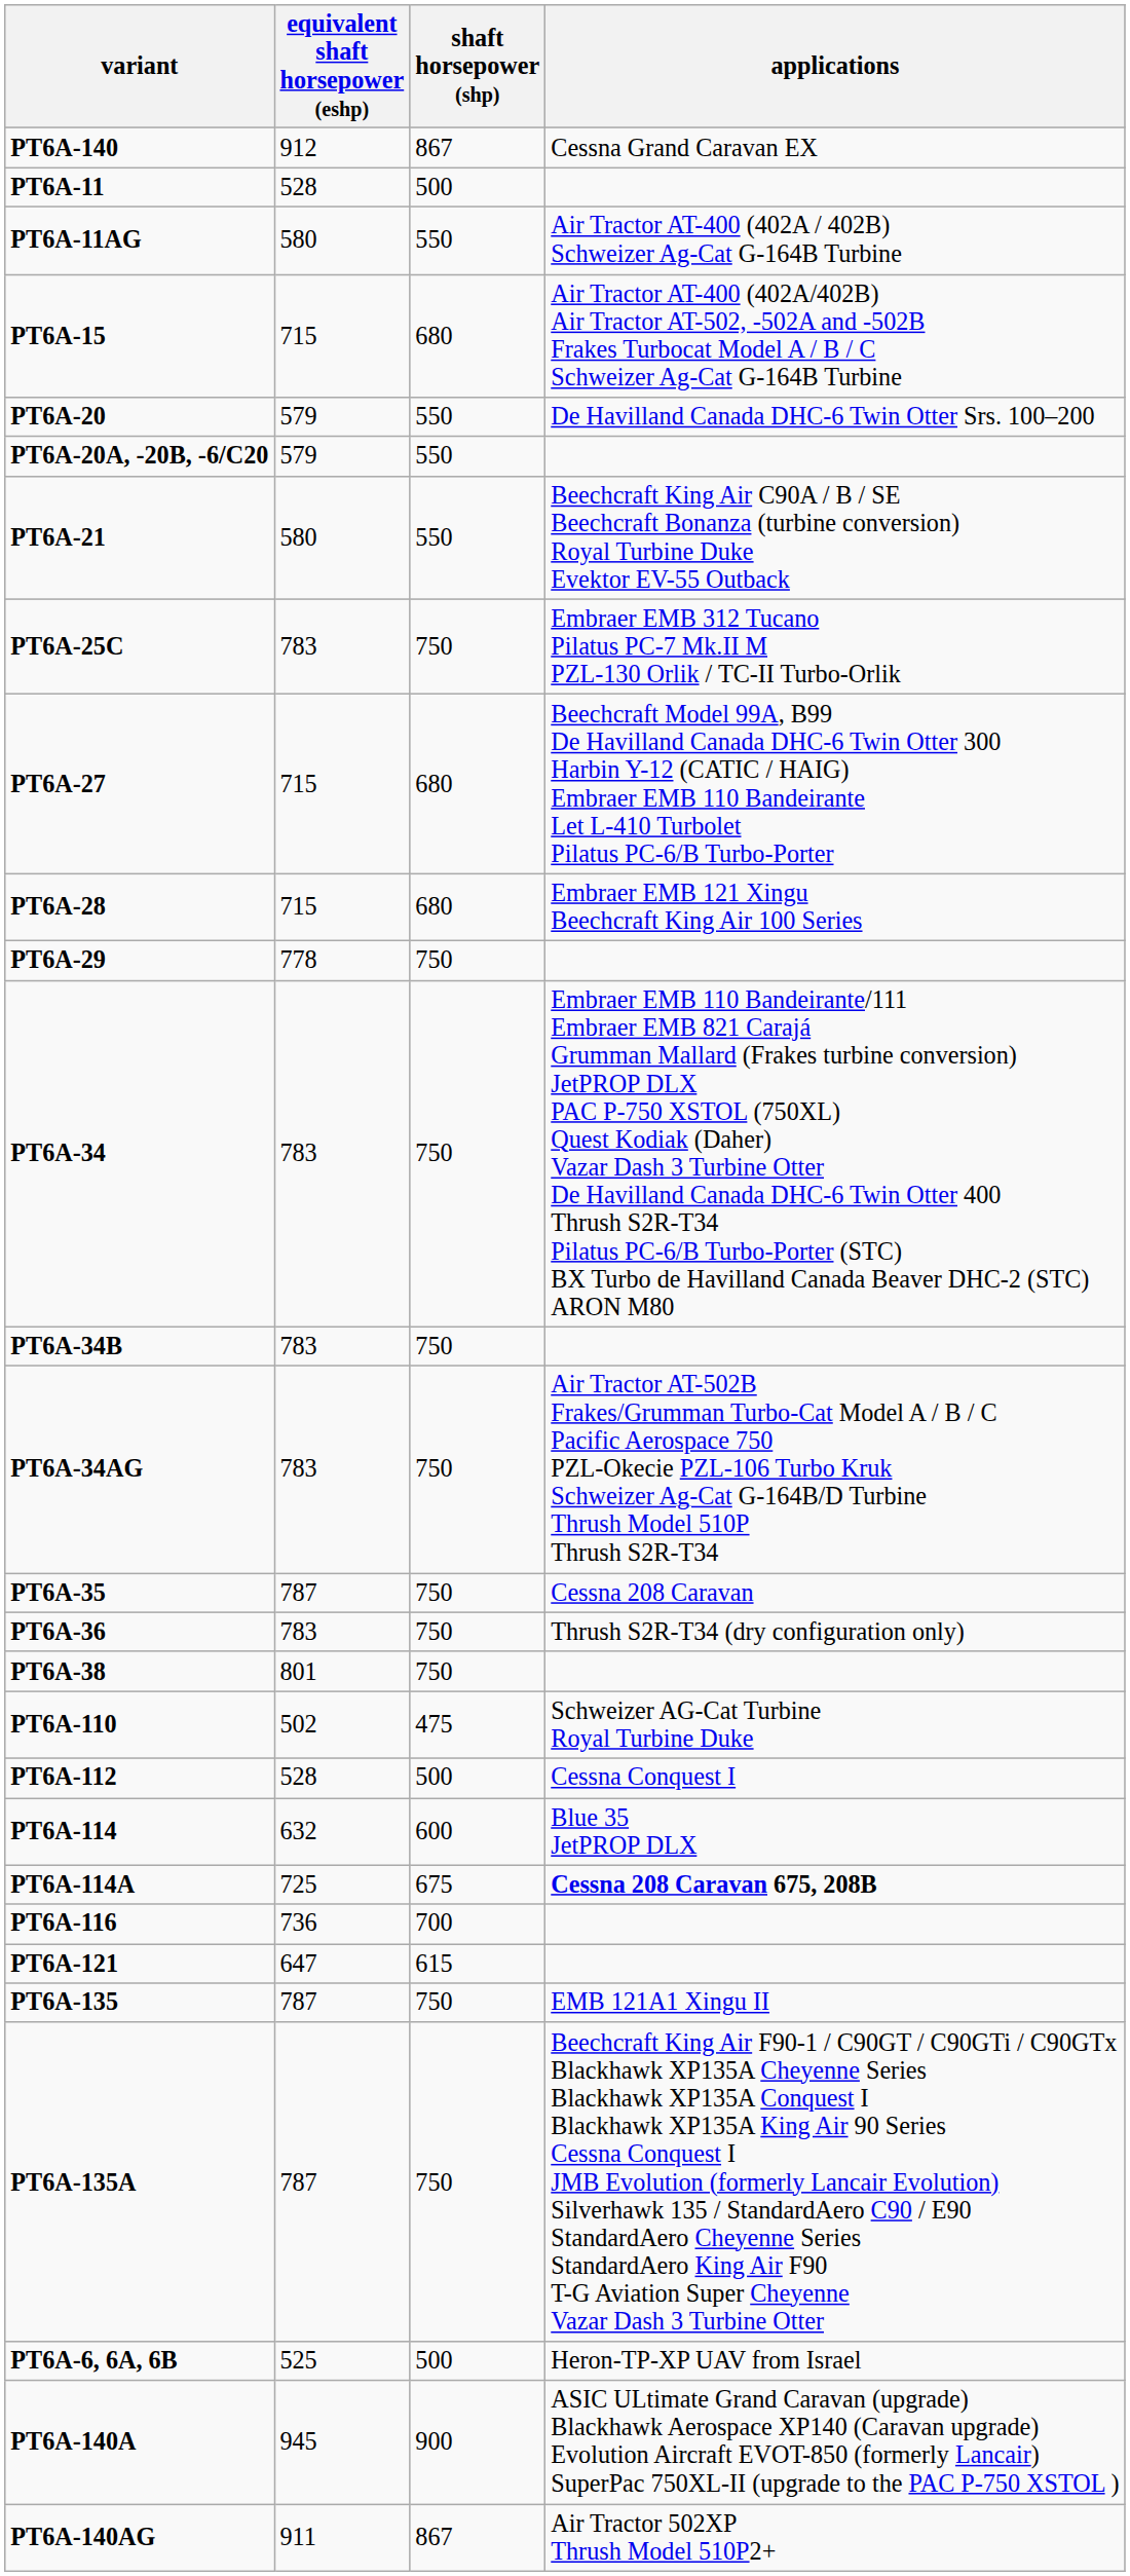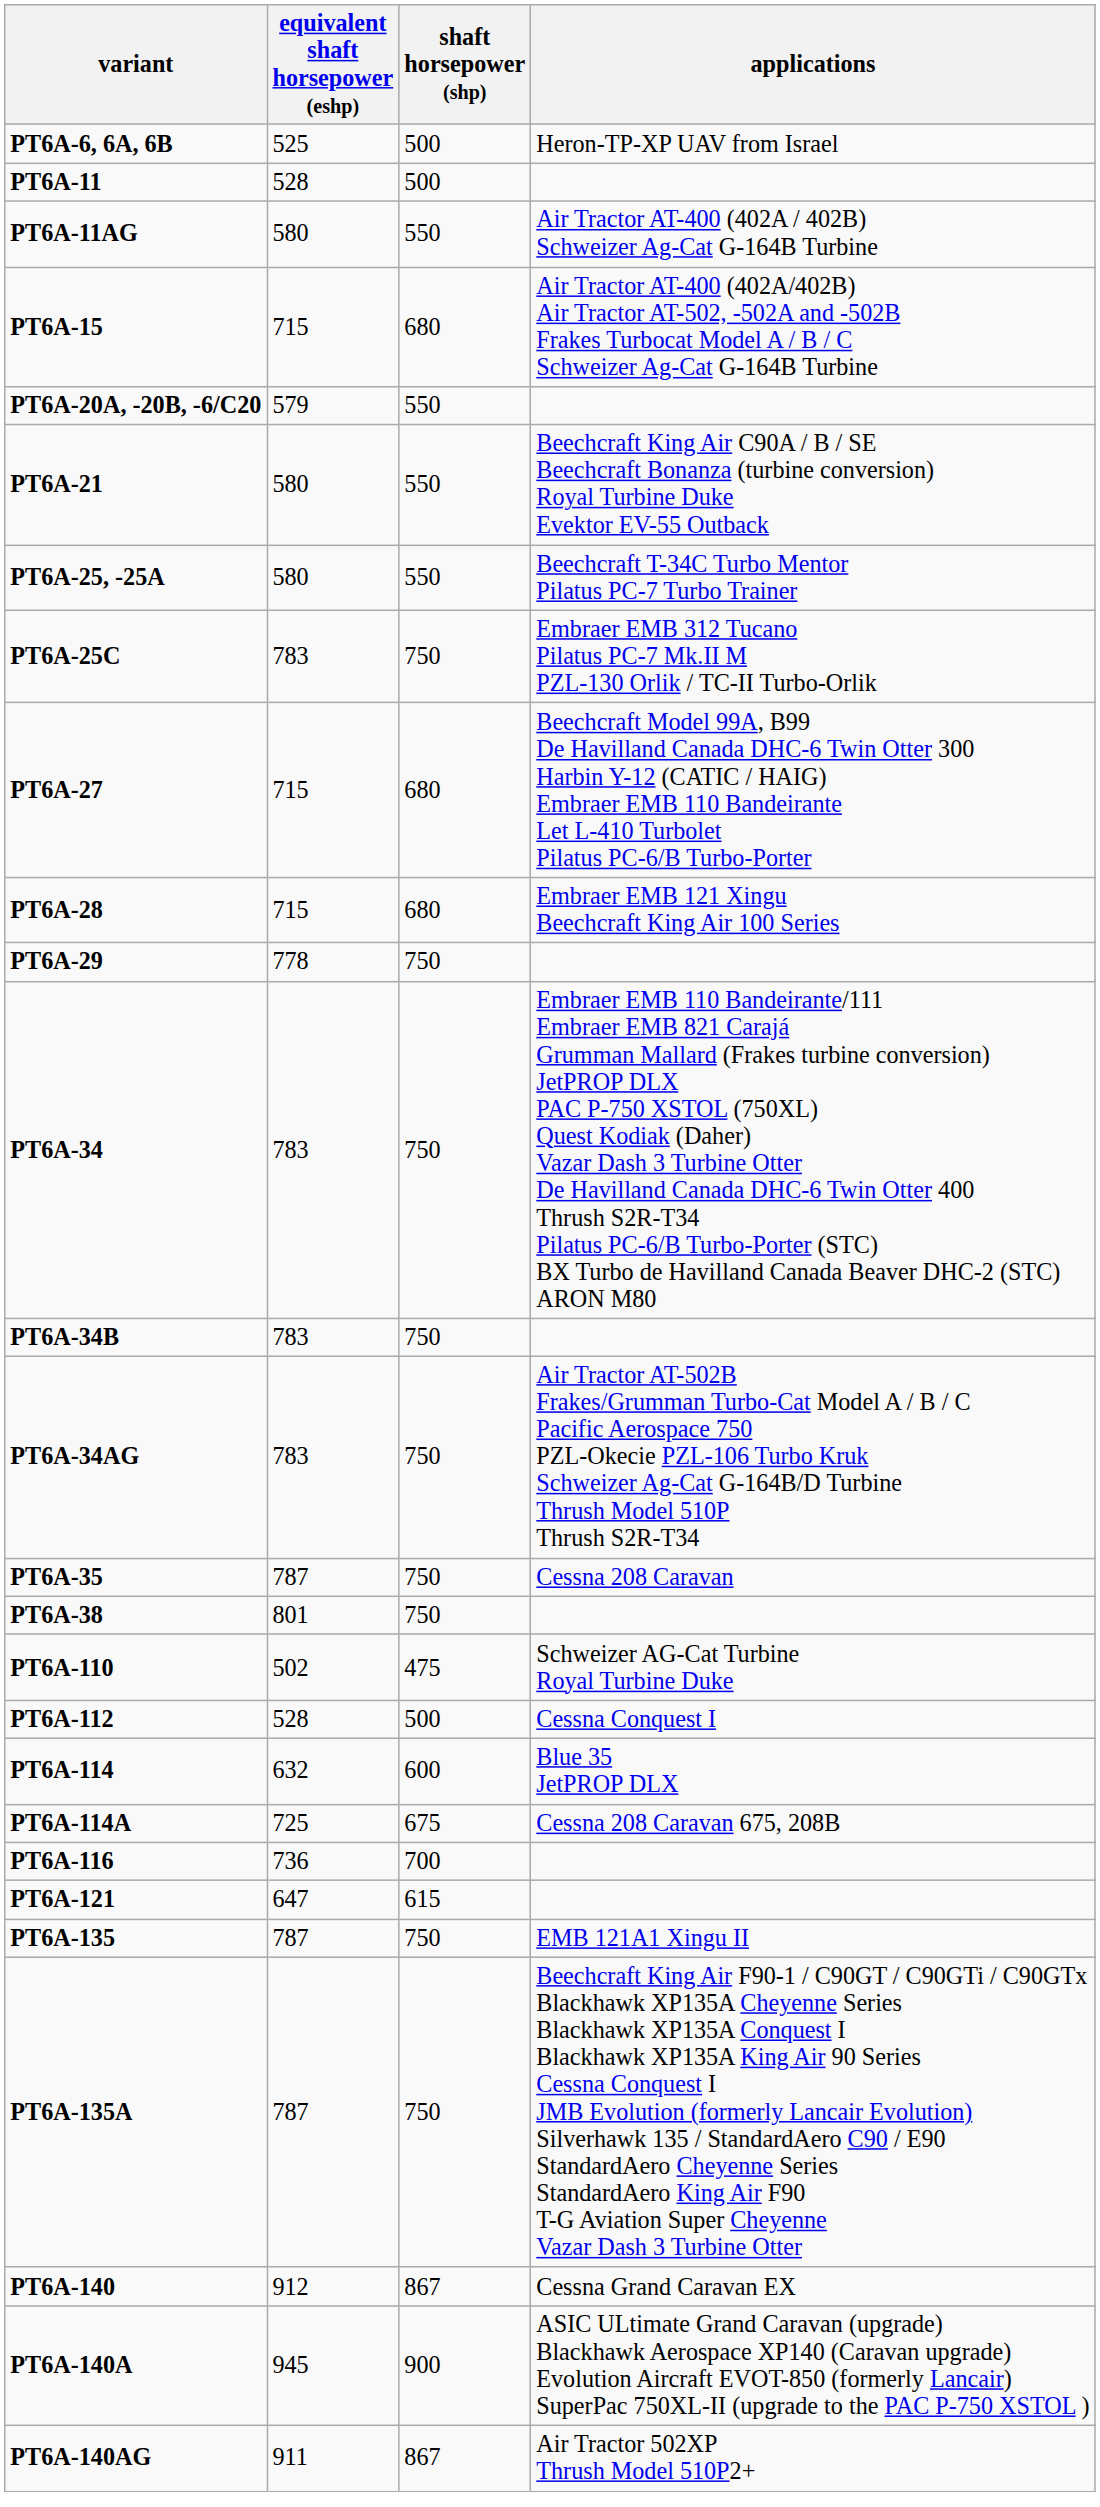 <table class="wikitable sortable" style=v-align:top>
 <tr>
 <th>variant</th>
 <th><a href='#'>equivalent<br>shaft<br>horsepower</a><br><small>(eshp)</small></th>
 <th>shaft<br>horsepower<br><small>(shp)</small></th>
 <th>applications</th>
 </tr>
 <tr>
-<td><strong>PT6A-140</strong></td>
-<td>912</td>
-<td>867</td>
-<td>Cessna Grand Caravan EX</td>
+<td><strong>PT6A-6, 6A, 6B</strong></td>
+<td>525</td>
+<td>500</td>
+<td>Heron-TP-XP UAV from Israel</td>
 </tr>
 <tr>
 <td><strong>PT6A-11</strong></td>
 <td>528</td>
 <td>500</td>
 <td></td>
 </tr>
 <tr>
 <td><strong>PT6A-11AG</strong></td>
 <td>580</td>
 <td>550</td>
 <td><a href='#'>Air Tractor AT-400</a> (402A / 402B)<br><a href='#'>Schweizer Ag-Cat</a> G-164B Turbine</td>
 </tr>
 <tr>
 <td><strong>PT6A-15</strong></td>
 <td>715</td>
 <td>680</td>
 <td><a href='#'>Air Tractor AT-400</a> (402A/402B)<br><a href='#'>Air Tractor AT-502, -502A and -502B</a><br><a href='#'>Frakes Turbocat Model A / B / C</a><br><a href='#'>Schweizer Ag-Cat</a> G-164B Turbine</td>
 </tr>
 <tr>
-<td><strong>PT6A-20</strong></td>
-<td>579</td>
-<td>550</td>
-<td><a href='#'>De Havilland Canada DHC-6 Twin Otter</a> Srs. 100–200</td>
-</tr>
-<tr>
 <td><strong>PT6A-20A, -20B, -6/C20</strong></td>
 <td>579</td>
 <td>550</td>
 <td></td>
 </tr>
 <tr>
 <td><strong>PT6A-21</strong></td>
 <td>580</td>
 <td>550</td>
 <td><a href='#'>Beechcraft King Air</a> C90A / B / SE<br><a href='#'>Beechcraft Bonanza</a> (turbine conversion)<br><a href='#'>Royal Turbine Duke</a><br><a href='#'>Evektor EV-55 Outback</a></td>
+</tr>
+<tr>
+<td><strong>PT6A-25, -25A</strong></td>
+<td>580</td>
+<td>550</td>
+<td><a href='#'>Beechcraft T-34C Turbo Mentor</a><br><a href='#'>Pilatus PC-7 Turbo Trainer</a></td>
 </tr>
 <tr>
 <td><strong>PT6A-25C</strong></td>
 <td>783</td>
 <td>750</td>
 <td><a href='#'>Embraer EMB 312 Tucano</a><br><a href='#'>Pilatus PC-7 Mk.II M</a><br><a href='#'>PZL-130 Orlik</a> / TC-II Turbo-Orlik</td>
 </tr>
 <tr>
 <td><strong>PT6A-27</strong></td>
 <td>715</td>
 <td>680</td>
 <td><a href='#'>Beechcraft Model 99A</a>, B99<br><a href='#'>De Havilland Canada DHC-6 Twin Otter</a> 300<br><a href='#'>Harbin Y-12</a> (CATIC / HAIG)<br><a href='#'>Embraer EMB 110 Bandeirante</a><br><a href='#'>Let L-410 Turbolet</a><br><a href='#'>Pilatus PC-6/B Turbo-Porter</a></td>
 </tr>
 <tr>
 <td><strong>PT6A-28</strong></td>
 <td>715</td>
 <td>680</td>
 <td><a href='#'>Embraer EMB 121 Xingu</a><br><a href='#'>Beechcraft King Air 100 Series</a></td>
 </tr>
 <tr>
 <td><strong>PT6A-29</strong></td>
 <td>778</td>
 <td>750</td>
 <td></td>
 </tr>
 <tr>
 <td><strong>PT6A-34</strong></td>
 <td>783</td>
 <td>750</td>
 <td><a href='#'>Embraer EMB 110 Bandeirante</a>/111<br><a href='#'>Embraer EMB 821 Carajá</a><br><a href='#'>Grumman Mallard</a> (Frakes turbine conversion)<br><a href='#'>JetPROP DLX</a><br><a href='#'>PAC P-750 XSTOL</a> (750XL)<br><a href='#'>Quest Kodiak</a> (Daher)<br><a href='#'>Vazar Dash 3 Turbine Otter</a><br><a href='#'>De Havilland Canada DHC-6 Twin Otter</a> 400<br>Thrush S2R-T34<br><a href='#'>Pilatus PC-6/B Turbo-Porter</a> (STC)<br>BX Turbo de Havilland Canada Beaver DHC-2 (STC) <br>ARON M80</td>
 </tr>
 <tr>
 <td><strong>PT6A-34B</strong></td>
 <td>783</td>
 <td>750</td>
 <td></td>
 </tr>
 <tr>
 <td><strong>PT6A-34AG</strong></td>
 <td>783</td>
 <td>750</td>
 <td><a href='#'>Air Tractor AT-502B</a><br><a href='#'>Frakes/Grumman Turbo-Cat</a> Model A / B / C<br><a href='#'>Pacific Aerospace 750</a><br>PZL-Okecie <a href='#'>PZL-106 Turbo Kruk</a><br><a href='#'>Schweizer Ag-Cat</a> G-164B/D Turbine<br><a href='#'>Thrush Model 510P</a><br>Thrush S2R-T34</td>
 </tr>
 <tr>
 <td><strong>PT6A-35</strong></td>
 <td>787</td>
 <td>750</td>
 <td><a href='#'>Cessna 208 Caravan</a></td>
 </tr>
 <tr>
-<td><strong>PT6A-36</strong></td>
-<td>783</td>
-<td>750</td>
-<td>Thrush S2R-T34 (dry configuration only)</td>
-</tr>
-<tr>
 <td><strong>PT6A-38</strong></td>
 <td>801</td>
 <td>750</td>
 <td></td>
 </tr>
 <tr>
 <td><strong>PT6A-110</strong></td>
 <td>502</td>
 <td>475</td>
 <td>Schweizer AG-Cat Turbine<br><a href='#'>Royal Turbine Duke</a></td>
 </tr>
 <tr>
 <td><strong>PT6A-112</strong></td>
 <td>528</td>
 <td>500</td>
 <td><a href='#'>Cessna Conquest I</a></td>
 </tr>
 <tr>
 <td><strong>PT6A-114</strong></td>
 <td>632</td>
 <td>600</td>
 <td><a href='#'>Blue 35</a><br><a href='#'>JetPROP DLX</a></td>
 </tr>
 <tr>
 <td><strong>PT6A-114A</strong></td>
 <td>725</td>
 <td>675</td>
-<td><strong><a href='#'>Cessna 208 Caravan</a> 675, 208B</strong></td>
+<td><a href='#'>Cessna 208 Caravan</a> 675, 208B</td>
 </tr>
 <tr>
 <td><strong>PT6A-116</strong></td>
 <td>736</td>
 <td>700</td>
 <td></td>
 </tr>
 <tr>
 <td><strong>PT6A-121</strong></td>
 <td>647</td>
 <td>615</td>
 <td></td>
 </tr>
 <tr>
 <td><strong>PT6A-135</strong></td>
 <td>787</td>
 <td>750</td>
 <td><a href='#'>EMB 121A1 Xingu II</a></td>
 </tr>
 <tr>
 <td><strong>PT6A-135A</strong></td>
 <td>787</td>
 <td>750</td>
 <td><a href='#'>Beechcraft King Air</a> F90-1 / C90GT / C90GTi / C90GTx<br>Blackhawk XP135A <a href='#'>Cheyenne</a> Series<br>Blackhawk XP135A <a href='#'>Conquest</a> I<br>Blackhawk XP135A <a href='#'>King Air</a> 90 Series<br><a href='#'>Cessna Conquest</a> I<br><a href='#'>JMB Evolution (formerly Lancair Evolution)</a><br>Silverhawk 135 / StandardAero <a href='#'>C90</a> / E90<br>StandardAero <a href='#'>Cheyenne</a> Series<br>StandardAero <a href='#'>King Air</a> F90<br>T-G Aviation Super <a href='#'>Cheyenne</a><br><a href='#'>Vazar Dash 3 Turbine Otter</a></td>
 </tr>
 <tr>
-<td><strong>PT6A-6, 6A, 6B</strong></td>
-<td>525</td>
-<td>500</td>
-<td>Heron-TP-XP UAV from Israel</td>
+<td><strong>PT6A-140</strong></td>
+<td>912</td>
+<td>867</td>
+<td>Cessna Grand Caravan EX</td>
 </tr>
 <tr>
 <td><strong>PT6A-140A</strong></td>
 <td>945</td>
 <td>900</td>
 <td>ASIC ULtimate Grand Caravan (upgrade)<br>Blackhawk Aerospace XP140 (Caravan upgrade)<br>Evolution Aircraft EVOT-850 (formerly <a href='#'>Lancair</a>)<br>SuperPac 750XL-II (upgrade to the <a href='#'>PAC P-750 XSTOL</a> )</td>
 </tr>
 <tr>
 <td><strong>PT6A-140AG</strong></td>
 <td>911</td>
 <td>867</td>
 <td>Air Tractor 502XP<br><a href='#'>Thrush Model 510P</a>2+</td>
 </tr>
 </table>
